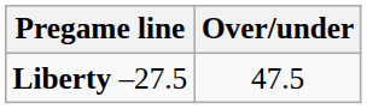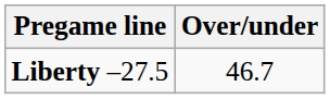 <table class="wikitable">
 <tr align="center">
 <th>Pregame line</th>
 <th>Over/under</th>
 </tr>
 <tr align="center">
 <td><strong>Liberty</strong> –27.5</td>
-<td>47.5</td>
+<td>46.7</td>
 </tr>
 </table>
